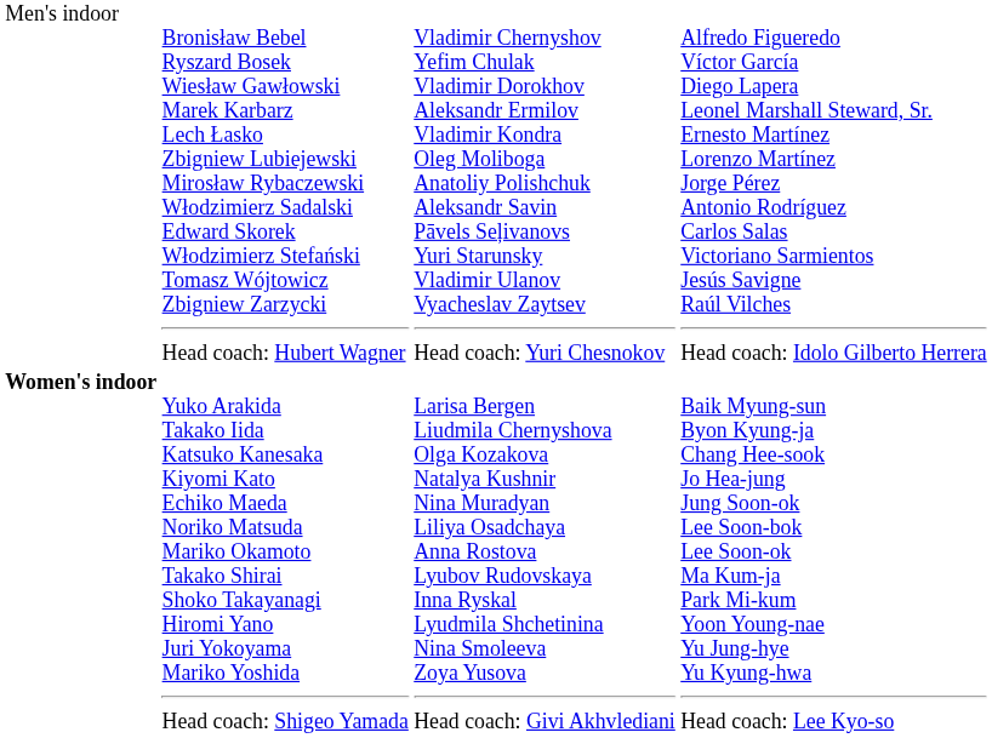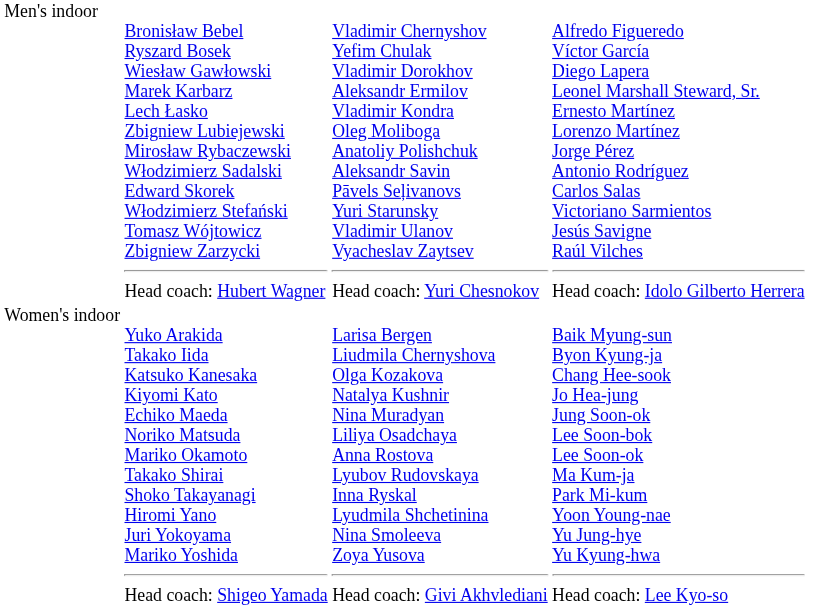 <table>
 <tr valign="top">
 <td>Men's indoor<br></td>
 <td valign=top><br><a href='#'>Bronisław Bebel</a><br><a href='#'>Ryszard Bosek</a><br><a href='#'>Wiesław Gawłowski</a><br><a href='#'>Marek Karbarz</a><br><a href='#'>Lech Łasko</a><br><a href='#'>Zbigniew Lubiejewski</a><br><a href='#'>Mirosław Rybaczewski</a><br><a href='#'>Włodzimierz Sadalski</a><br><a href='#'>Edward Skorek</a><br><a href='#'>Włodzimierz Stefański</a><br><a href='#'>Tomasz Wójtowicz</a><br><a href='#'>Zbigniew Zarzycki</a><br><hr>Head coach: <a href='#'>Hubert Wagner</a></td>
 <td valign=top><br><a href='#'>Vladimir Chernyshov</a><br><a href='#'>Yefim Chulak</a><br><a href='#'>Vladimir Dorokhov</a><br><a href='#'>Aleksandr Ermilov</a><br><a href='#'>Vladimir Kondra</a><br><a href='#'>Oleg Moliboga</a><br><a href='#'>Anatoliy Polishchuk</a><br><a href='#'>Aleksandr Savin</a><br><a href='#'>Pāvels Seļivanovs</a><br><a href='#'>Yuri Starunsky</a><br><a href='#'>Vladimir Ulanov</a><br><a href='#'>Vyacheslav Zaytsev</a><br><hr>Head coach: <a href='#'>Yuri Chesnokov</a></td>
 <td valign=top><br><a href='#'>Alfredo Figueredo</a><br><a href='#'>Víctor García</a><br><a href='#'>Diego Lapera</a><br><a href='#'>Leonel Marshall Steward, Sr.</a><br><a href='#'>Ernesto Martínez</a><br><a href='#'>Lorenzo Martínez</a><br><a href='#'>Jorge Pérez</a><br><a href='#'>Antonio Rodríguez</a><br><a href='#'>Carlos Salas</a><br><a href='#'>Victoriano Sarmientos</a><br><a href='#'>Jesús Savigne</a><br><a href='#'>Raúl Vilches</a><br><hr>Head coach: <a href='#'>Idolo Gilberto Herrera</a></td>
 </tr>
 <tr valign="top">
-<td><strong>Women's indoor<br></strong></td>
+<td>Women's indoor<br></td>
 <td valign=top><br><a href='#'>Yuko Arakida</a><br><a href='#'>Takako Iida</a><br><a href='#'>Katsuko Kanesaka</a><br><a href='#'>Kiyomi Kato</a><br><a href='#'>Echiko Maeda</a><br><a href='#'>Noriko Matsuda</a><br><a href='#'>Mariko Okamoto</a><br><a href='#'>Takako Shirai</a><br><a href='#'>Shoko Takayanagi</a><br><a href='#'>Hiromi Yano</a><br><a href='#'>Juri Yokoyama</a><br><a href='#'>Mariko Yoshida</a><br><hr>Head coach: <a href='#'>Shigeo Yamada</a></td>
 <td valign=top><br><a href='#'>Larisa Bergen</a><br><a href='#'>Liudmila Chernyshova</a><br><a href='#'>Olga Kozakova</a><br><a href='#'>Natalya Kushnir</a><br><a href='#'>Nina Muradyan</a><br><a href='#'>Liliya Osadchaya</a><br><a href='#'>Anna Rostova</a><br><a href='#'>Lyubov Rudovskaya</a><br><a href='#'>Inna Ryskal</a><br><a href='#'>Lyudmila Shchetinina</a><br><a href='#'>Nina Smoleeva</a><br><a href='#'>Zoya Yusova</a><br><hr>Head coach: <a href='#'>Givi Akhvlediani</a></td>
 <td valign=top><br><a href='#'>Baik Myung-sun</a><br><a href='#'>Byon Kyung-ja</a><br><a href='#'>Chang Hee-sook</a><br><a href='#'>Jo Hea-jung</a><br><a href='#'>Jung Soon-ok</a><br><a href='#'>Lee Soon-bok</a><br><a href='#'>Lee Soon-ok</a><br><a href='#'>Ma Kum-ja</a><br><a href='#'>Park Mi-kum</a><br><a href='#'>Yoon Young-nae</a><br><a href='#'>Yu Jung-hye</a><br><a href='#'>Yu Kyung-hwa</a><br><hr>Head coach: <a href='#'>Lee Kyo-so</a></td>
 </tr>
 </table>
